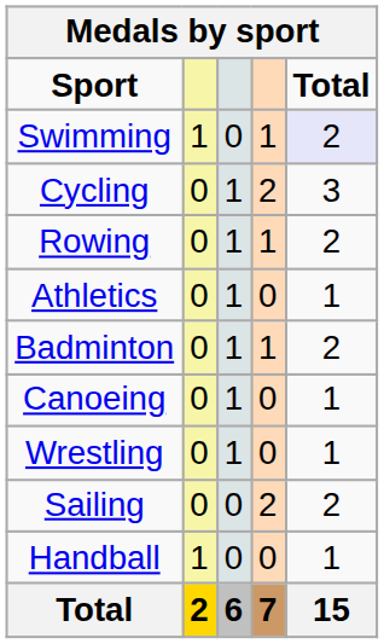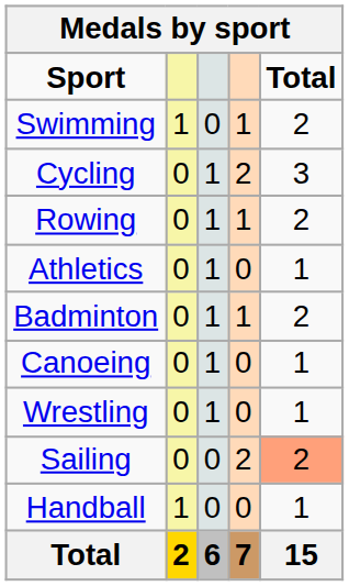 <table class="wikitable" style="font-size:85%; float:right;">
 <tr style="background:#efefef;">
 <th colspan=7>Medals by sport</th>
 </tr>
 <tr align=center>
 <td><strong>Sport</strong></td>
 <td style="background:#f7f6a8;"></td>
 <td style="background:#dce5e5;"></td>
 <td style="background:#ffdab9;"></td>
 <td><strong>Total</strong></td>
 </tr>
 <tr align=center>
 <td><a href='#'>Swimming</a></td>
 <td style="background:#f7f6a8;">1</td>
 <td style="background:#dce5e5;">0</td>
 <td style="background:#ffdab9;">1</td>
-<td style="background: lavender;">2</td>
+<td>2</td>
 </tr>
 <tr align=center>
 <td><a href='#'>Cycling</a></td>
 <td style="background:#f7f6a8;">0</td>
 <td style="background:#dce5e5;">1</td>
 <td style="background:#ffdab9;">2</td>
 <td>3</td>
 </tr>
 <tr align=center>
 <td><a href='#'>Rowing</a></td>
 <td style="background:#f7f6a8;">0</td>
 <td style="background:#dce5e5;">1</td>
 <td style="background:#ffdab9;">1</td>
 <td>2</td>
 </tr>
 <tr align=center>
 <td><a href='#'>Athletics</a></td>
 <td style="background:#f7f6a8;">0</td>
 <td style="background:#dce5e5;">1</td>
 <td style="background:#ffdab9;">0</td>
 <td>1</td>
 </tr>
 <tr align=center>
 <td><a href='#'>Badminton</a></td>
 <td style="background:#f7f6a8;">0</td>
 <td style="background:#dce5e5;">1</td>
 <td style="background:#ffdab9;">1</td>
 <td>2</td>
 </tr>
 <tr align=center>
 <td><a href='#'>Canoeing</a></td>
 <td style="background:#f7f6a8;">0</td>
 <td style="background:#dce5e5;">1</td>
 <td style="background:#ffdab9;">0</td>
 <td>1</td>
 </tr>
 <tr align=center>
 <td><a href='#'>Wrestling</a></td>
 <td style="background:#f7f6a8;">0</td>
 <td style="background:#dce5e5;">1</td>
 <td style="background:#ffdab9;">0</td>
 <td>1</td>
 </tr>
 <tr align=center>
 <td><a href='#'>Sailing</a></td>
 <td style="background:#f7f6a8;">0</td>
 <td style="background:#dce5e5;">0</td>
 <td style="background:#ffdab9;">2</td>
-<td>2</td>
+<td style="background: lightsalmon;">2</td>
 </tr>
 <tr align=center>
 <td><a href='#'>Handball</a></td>
 <td style="background:#f7f6a8;">1</td>
 <td style="background:#dce5e5;">0</td>
 <td style="background:#ffdab9;">0</td>
 <td>1</td>
 </tr>
 <tr>
 <th>Total</th>
 <th style="background:gold;">2</th>
 <th style="background:silver;">6</th>
 <th style="background:#c96;">7</th>
 <th>15</th>
 </tr>
 </table>
